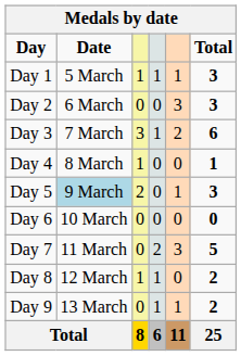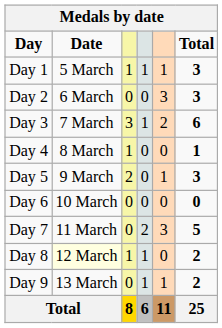 <table class="wikitable" style="font-size:85%;float:right">
 <tr style="background:#efefef;">
 <th colspan=6>Medals by date</th>
 </tr>
 <tr align=center>
 <td><strong>Day</strong></td>
 <td><strong>Date</strong></td>
 <td style="background:#f7f6a8;"></td>
 <td style="background:#dce5e5;"></td>
 <td style="background:#ffdab9;"></td>
 <td><strong>Total</strong></td>
 </tr>
 <tr align=center>
 <td>Day 1</td>
 <td>5 March</td>
 <td style="background:#f7f6a8;">1</td>
 <td style="background:#dce5e5;">1</td>
 <td style="background:#ffdab9;">1</td>
 <td><strong>3</strong></td>
 </tr>
 <tr align=center>
 <td>Day 2</td>
 <td>6 March</td>
 <td style="background:#f7f6a8;">0</td>
 <td style="background:#dce5e5;">0</td>
 <td style="background:#ffdab9;">3</td>
 <td><strong>3</strong></td>
 </tr>
 <tr align=center>
 <td>Day 3</td>
 <td>7 March</td>
 <td style="background:#f7f6a8;">3</td>
 <td style="background:#dce5e5;">1</td>
 <td style="background:#ffdab9;">2</td>
 <td><strong>6</strong></td>
 </tr>
 <tr align=center>
 <td>Day 4</td>
 <td>8 March</td>
 <td style="background:#f7f6a8;">1</td>
 <td style="background:#dce5e5;">0</td>
 <td style="background:#ffdab9;">0</td>
 <td><strong>1</strong></td>
 </tr>
 <tr align=center>
 <td>Day 5</td>
-<td style="background: lightblue;">9 March</td>
+<td>9 March</td>
 <td style="background:#f7f6a8;">2</td>
 <td style="background:#dce5e5;">0</td>
 <td style="background:#ffdab9;">1</td>
 <td><strong>3</strong></td>
 </tr>
 <tr align=center>
 <td>Day 6</td>
 <td>10 March</td>
 <td style="background:#f7f6a8;">0</td>
 <td style="background:#dce5e5;">0</td>
 <td style="background:#ffdab9;">0</td>
 <td><strong>0</strong></td>
 </tr>
 <tr align=center>
 <td>Day 7</td>
 <td>11 March</td>
 <td style="background:#f7f6a8;">0</td>
 <td style="background:#dce5e5;">2</td>
 <td style="background:#ffdab9;">3</td>
 <td><strong>5</strong></td>
 </tr>
 <tr align=center>
 <td>Day 8</td>
-<td>12 March</td>
+<td style="background: lightyellow;">12 March</td>
 <td style="background:#f7f6a8;">1</td>
 <td style="background:#dce5e5;">1</td>
 <td style="background:#ffdab9;">0</td>
 <td><strong>2</strong></td>
 </tr>
 <tr align=center>
 <td>Day 9</td>
 <td>13 March</td>
 <td style="background:#f7f6a8;">0</td>
 <td style="background:#dce5e5;">1</td>
 <td style="background:#ffdab9;">1</td>
 <td><strong>2</strong></td>
 </tr>
 <tr align=center>
 <th colspan=2>Total</th>
 <th style="background:gold;">8</th>
 <th style="background:silver;">6</th>
 <th style="background:#c96;">11</th>
 <th>25</th>
 </tr>
 </table>
